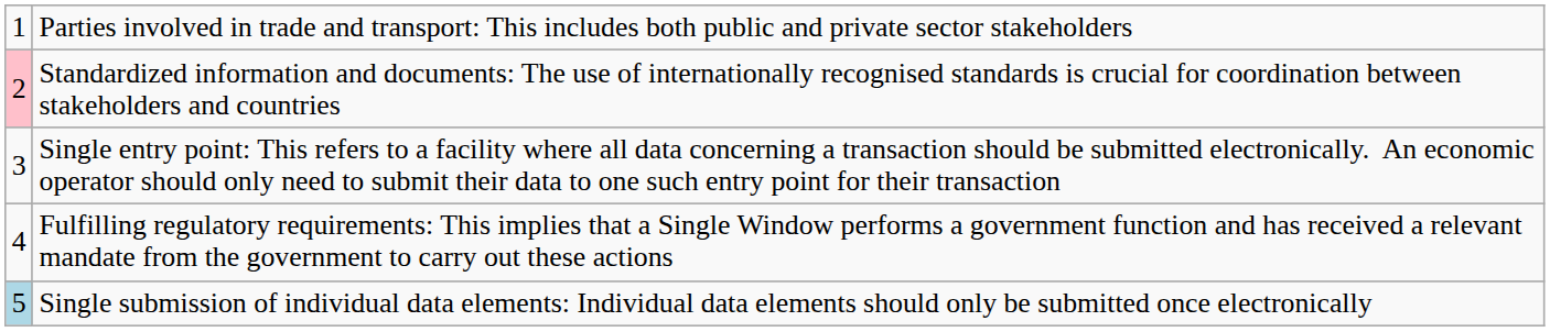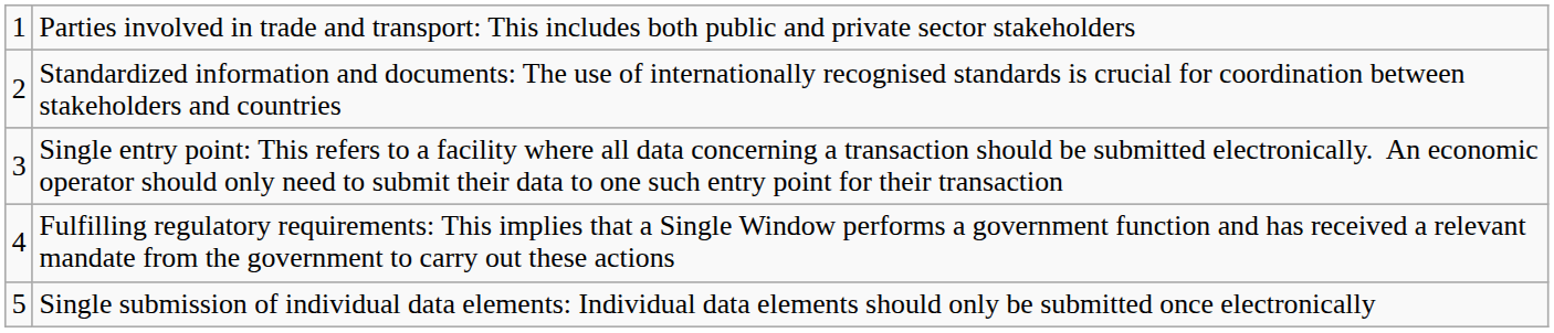 <table class="wikitable">
 <tr>
 <td>1</td>
 <td>Parties involved in trade and transport:  This includes both public and private sector stakeholders</td>
 </tr>
 <tr>
-<td style="background: pink;">2</td>
+<td>2</td>
 <td>Standardized information and documents: The  use of internationally recognised standards is crucial for coordination  between stakeholders and countries</td>
 </tr>
 <tr>
 <td>3</td>
 <td>Single entry point: This refers to a  facility where all data concerning a transaction should be submitted  electronically.  An economic operator  should only need to submit their data to one such entry point for their  transaction</td>
 </tr>
 <tr>
 <td>4</td>
 <td>Fulfilling regulatory requirements: This  implies that a Single Window performs a government function and has received  a relevant mandate from the government to carry out these actions</td>
 </tr>
 <tr>
-<td style="background: lightblue;">5</td>
+<td>5</td>
 <td>Single submission of individual data  elements: Individual data elements should only be submitted once  electronically</td>
 </tr>
 </table>
